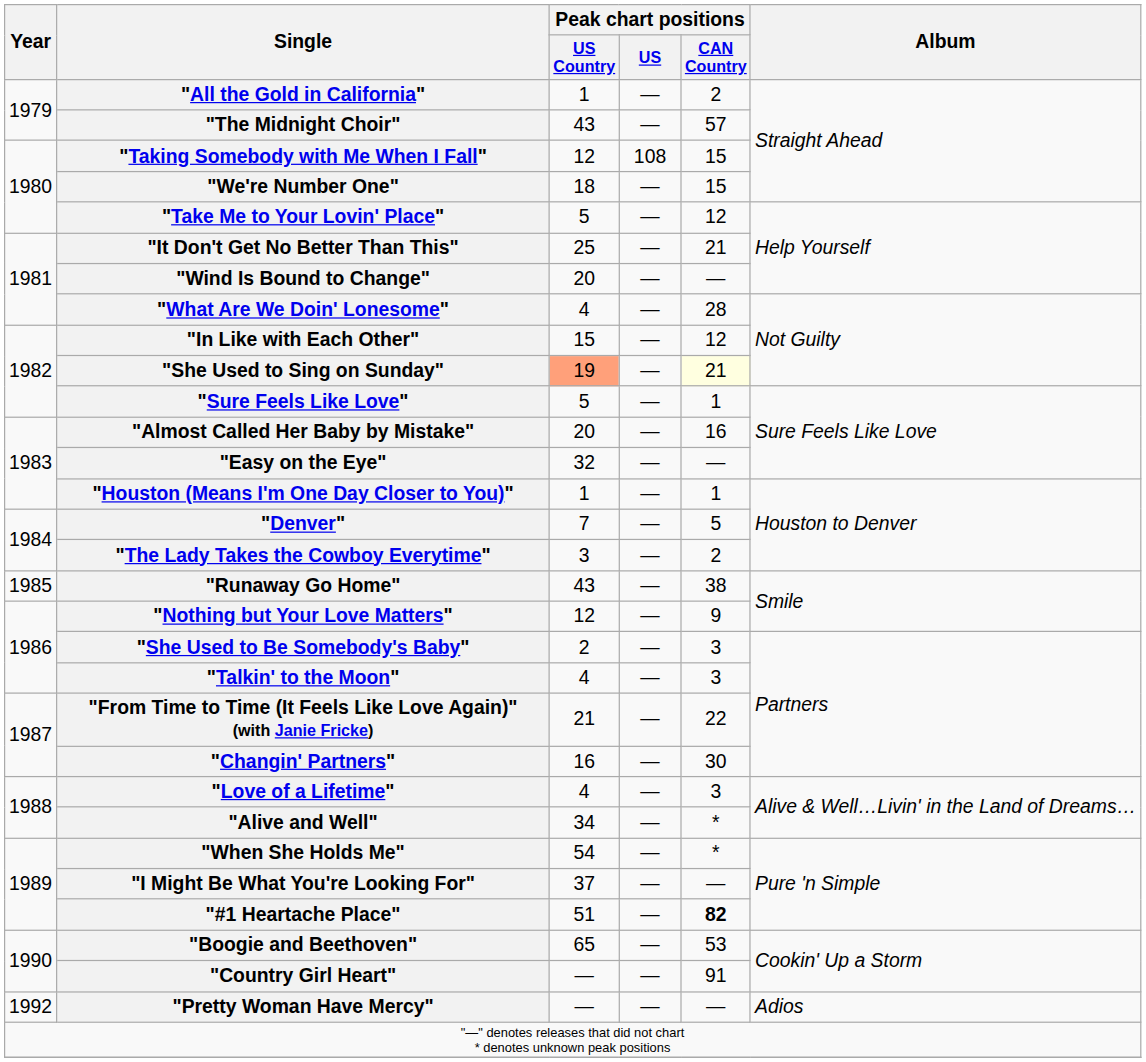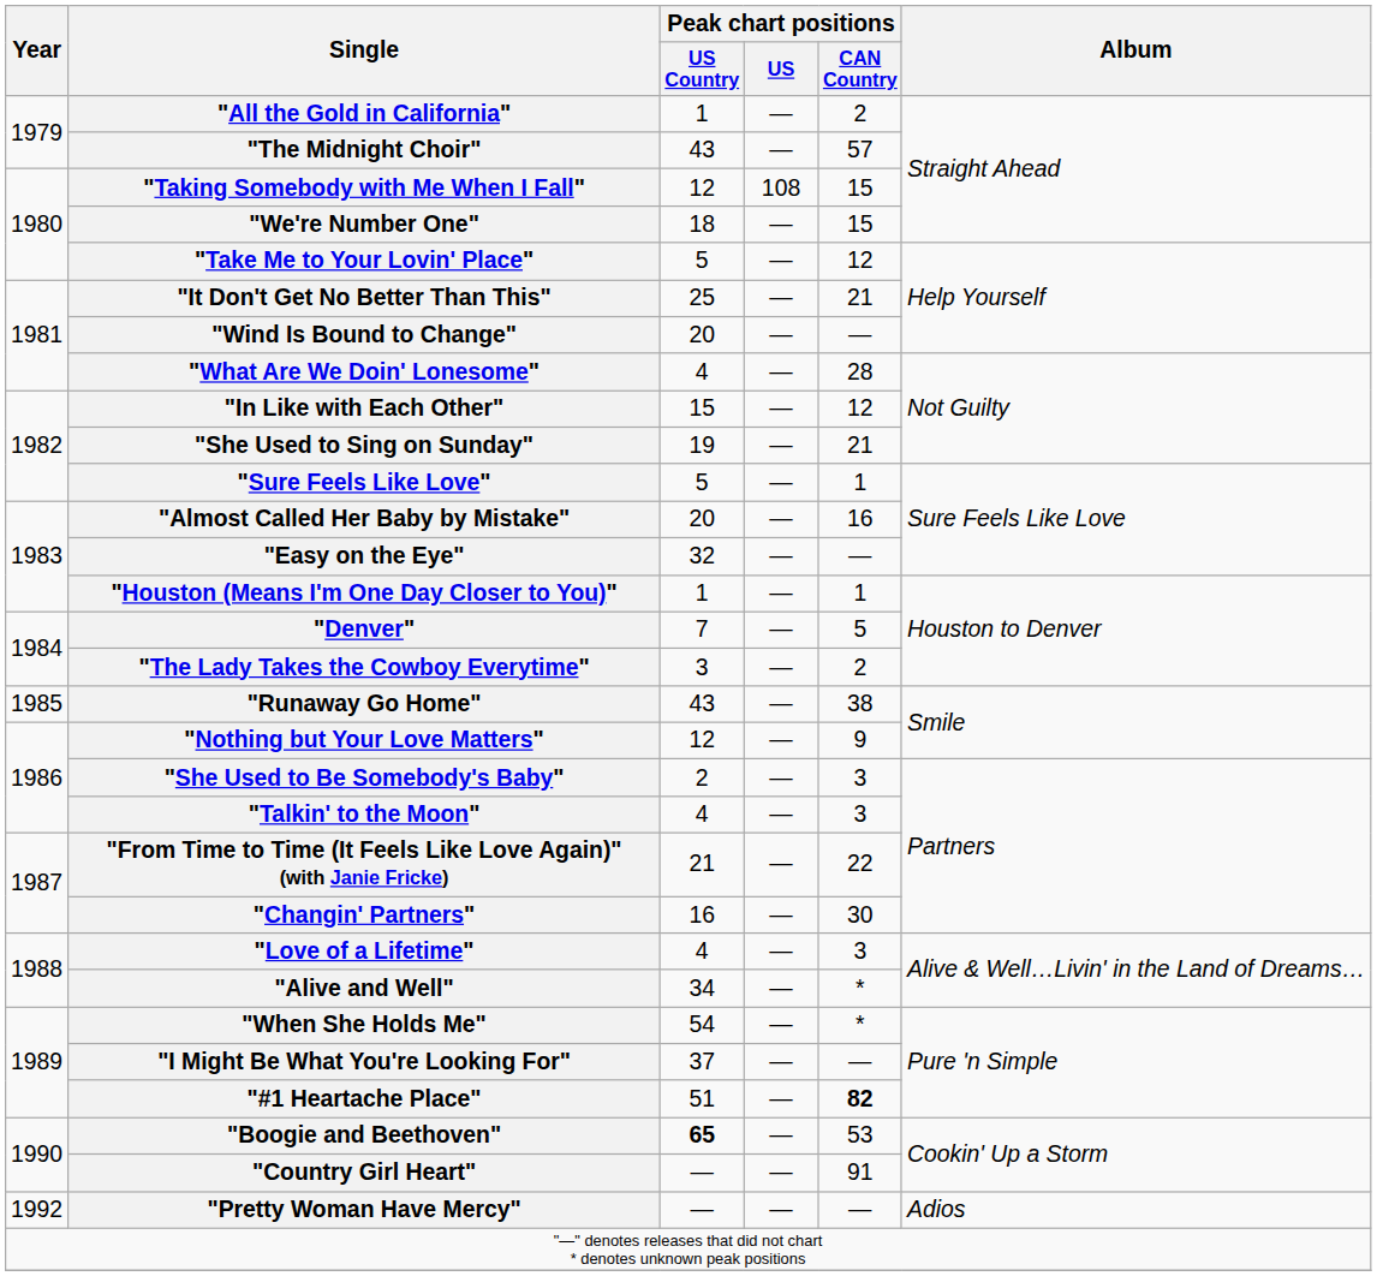 <table class="wikitable plainrowheaders" style="text-align:center;">
 <tr>
 <th rowspan="2">Year</th>
 <th rowspan="2" style="width:25em;">Single</th>
 <th colspan="3">Peak chart positions</th>
 <th rowspan="2">Album</th>
 </tr>
 <tr style="font-size:smaller;">
 <th width="45"><a href='#'>US Country</a></th>
 <th width="45"><a href='#'>US</a></th>
 <th width="45"><a href='#'>CAN Country</a></th>
 </tr>
 <tr>
 <td rowspan="2">1979</td>
 <th scope="row">"<a href='#'>All the Gold in California</a>"</th>
 <td>1</td>
 <td>—</td>
 <td>2</td>
 <td align="left" rowspan="4"><em>Straight Ahead</em></td>
 </tr>
 <tr>
 <th scope="row">"The Midnight Choir"</th>
 <td>43</td>
 <td>—</td>
 <td>57</td>
 </tr>
 <tr>
 <td rowspan="3">1980</td>
 <th scope="row">"<a href='#'>Taking Somebody with Me When I Fall</a>"</th>
 <td>12</td>
 <td>108</td>
 <td>15</td>
 </tr>
 <tr>
 <th scope="row">"We're Number One"</th>
 <td>18</td>
 <td>—</td>
 <td>15</td>
 </tr>
 <tr>
 <th scope="row">"<a href='#'>Take Me to Your Lovin' Place</a>"</th>
 <td>5</td>
 <td>—</td>
 <td>12</td>
 <td align="left" rowspan="3"><em>Help Yourself</em></td>
 </tr>
 <tr>
 <td rowspan="3">1981</td>
 <th scope="row">"It Don't Get No Better Than This"</th>
 <td>25</td>
 <td>—</td>
 <td>21</td>
 </tr>
 <tr>
 <th scope="row">"Wind Is Bound to Change"</th>
 <td>20</td>
 <td>—</td>
 <td>—</td>
 </tr>
 <tr>
 <th scope="row">"<a href='#'>What Are We Doin' Lonesome</a>"</th>
 <td>4</td>
 <td>—</td>
 <td>28</td>
 <td align="left" rowspan="3"><em>Not Guilty</em></td>
 </tr>
 <tr>
 <td rowspan="3">1982</td>
 <th scope="row">"In Like with Each Other"</th>
 <td>15</td>
 <td>—</td>
 <td>12</td>
 </tr>
 <tr>
 <th scope="row">"She Used to Sing on Sunday"</th>
-<td style="background: lightsalmon;">19</td>
+<td>19</td>
 <td>—</td>
-<td style="background: lightyellow;">21</td>
+<td>21</td>
 </tr>
 <tr>
 <th scope="row">"<a href='#'>Sure Feels Like Love</a>"</th>
 <td>5</td>
 <td>—</td>
 <td>1</td>
 <td align="left" rowspan="3"><em>Sure Feels Like Love</em></td>
 </tr>
 <tr>
 <td rowspan="3">1983</td>
 <th scope="row">"Almost Called Her Baby by Mistake"</th>
 <td>20</td>
 <td>—</td>
 <td>16</td>
 </tr>
 <tr>
 <th scope="row">"Easy on the Eye"</th>
 <td>32</td>
 <td>—</td>
 <td>—</td>
 </tr>
 <tr>
 <th scope="row">"<a href='#'>Houston (Means I'm One Day Closer to You)</a>"</th>
 <td>1</td>
 <td>—</td>
 <td>1</td>
 <td align="left" rowspan="3"><em>Houston to Denver</em></td>
 </tr>
 <tr>
 <td rowspan="2">1984</td>
 <th scope="row">"<a href='#'>Denver</a>"</th>
 <td>7</td>
 <td>—</td>
 <td>5</td>
 </tr>
 <tr>
 <th scope="row">"<a href='#'>The Lady Takes the Cowboy Everytime</a>"</th>
 <td>3</td>
 <td>—</td>
 <td>2</td>
 </tr>
 <tr>
 <td>1985</td>
 <th scope="row">"Runaway Go Home"</th>
 <td>43</td>
 <td>—</td>
 <td>38</td>
 <td align="left" rowspan="2"><em>Smile</em></td>
 </tr>
 <tr>
 <td rowspan="3">1986</td>
 <th scope="row">"<a href='#'>Nothing but Your Love Matters</a>"</th>
 <td>12</td>
 <td>—</td>
 <td>9</td>
 </tr>
 <tr>
 <th scope="row">"<a href='#'>She Used to Be Somebody's Baby</a>"</th>
 <td>2</td>
 <td>—</td>
 <td>3</td>
 <td align="left" rowspan="4"><em>Partners</em></td>
 </tr>
 <tr>
 <th scope="row">"<a href='#'>Talkin' to the Moon</a>"</th>
 <td>4</td>
 <td>—</td>
 <td>3</td>
 </tr>
 <tr>
 <td rowspan="2">1987</td>
 <th scope="row">"From Time to Time (It Feels Like Love Again)" <br><small>(with <a href='#'>Janie Fricke</a>)</small></th>
 <td>21</td>
 <td>—</td>
 <td>22</td>
 </tr>
 <tr>
 <th scope="row">"<a href='#'>Changin' Partners</a>"</th>
 <td>16</td>
 <td>—</td>
 <td>30</td>
 </tr>
 <tr>
 <td rowspan="2">1988</td>
 <th scope="row">"<a href='#'>Love of a Lifetime</a>"</th>
 <td>4</td>
 <td>—</td>
 <td>3</td>
 <td align="left" rowspan="2"><em>Alive & Well…Livin' in the Land of Dreams…</em></td>
 </tr>
 <tr>
 <th scope="row">"Alive and Well"</th>
 <td>34</td>
 <td>—</td>
 <td>*</td>
 </tr>
 <tr>
 <td rowspan="3">1989</td>
 <th scope="row">"When She Holds Me"</th>
 <td>54</td>
 <td>—</td>
 <td>*</td>
 <td align="left" rowspan="3"><em>Pure 'n Simple</em></td>
 </tr>
 <tr>
 <th scope="row">"I Might Be What You're Looking For"</th>
 <td>37</td>
 <td>—</td>
 <td>—</td>
 </tr>
 <tr>
 <th scope="row">"#1 Heartache Place"</th>
 <td>51</td>
 <td>—</td>
 <td><strong>82</strong></td>
 </tr>
 <tr>
 <td rowspan="2">1990</td>
 <th scope="row">"Boogie and Beethoven"</th>
-<td>65</td>
+<td><strong>65</strong></td>
 <td>—</td>
 <td>53</td>
 <td align="left" rowspan="2"><em>Cookin' Up a Storm</em></td>
 </tr>
 <tr>
 <th scope="row">"Country Girl Heart"</th>
 <td>—</td>
 <td>—</td>
 <td>91</td>
 </tr>
 <tr>
 <td>1992</td>
 <th scope="row">"Pretty Woman Have Mercy"</th>
 <td>—</td>
 <td>—</td>
 <td>—</td>
 <td align="left"><em>Adios</em></td>
 </tr>
 <tr>
 <td align="center" colspan="6" style="font-size:8pt">"—" denotes releases that did not chart<br>* denotes unknown peak positions</td>
 </tr>
 <tr>
 </tr>
 </table>
